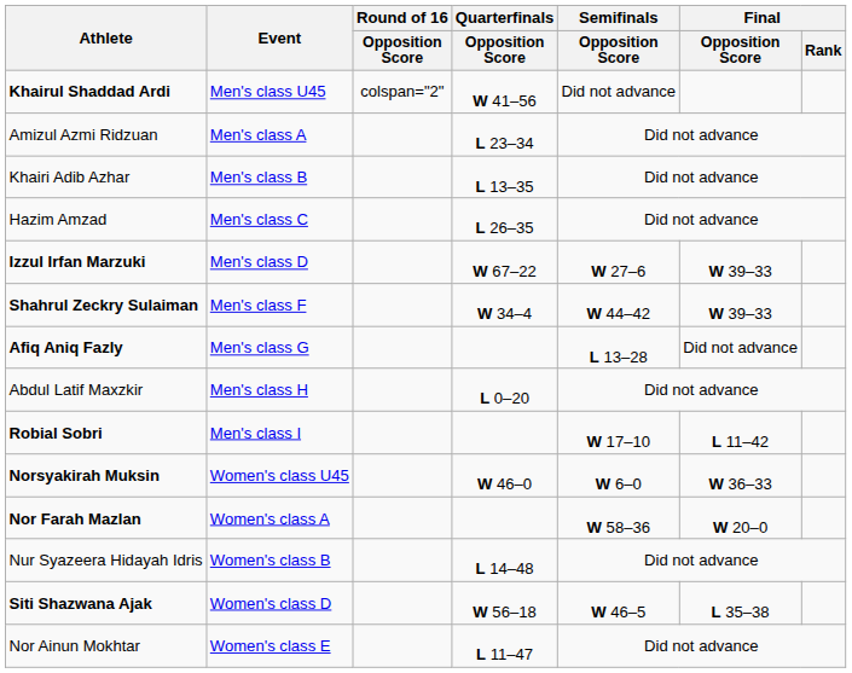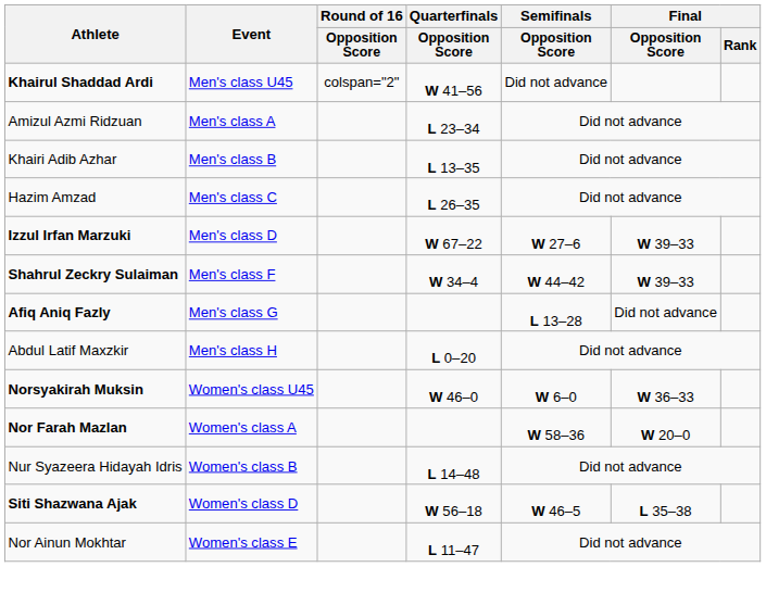 <table class=wikitable style="font-size:90%; text-align:center">
 <tr>
 <th rowspan="2">Athlete</th>
 <th rowspan="2">Event</th>
 <th>Round of 16</th>
 <th>Quarterfinals</th>
 <th>Semifinals</th>
 <th colspan="2">Final</th>
 </tr>
 <tr style="font-size:95%", align="center">
 <th>Opposition<br>Score</th>
 <th>Opposition<br>Score</th>
 <th>Opposition<br>Score</th>
 <th>Opposition<br>Score</th>
 <th>Rank</th>
 </tr>
 <tr>
 <td align=left><strong>Khairul Shaddad Ardi</strong></td>
 <td align=left><a href='#'>Men's class U45</a></td>
 <td>colspan="2" </td>
 <td><br><strong>W</strong> 41–56</td>
 <td>Did not advance</td>
 <td></td>
 </tr>
 <tr>
 <td align=left>Amizul Azmi Ridzuan</td>
 <td align=left><a href='#'>Men's class A</a></td>
 <td></td>
 <td><br><strong>L</strong> 23–34</td>
 <td colspan="3">Did not advance</td>
 </tr>
 <tr>
 <td align=left>Khairi Adib Azhar</td>
 <td align=left><a href='#'>Men's class B</a></td>
 <td></td>
 <td><br><strong>L</strong> 13–35</td>
 <td colspan="3">Did not advance</td>
 </tr>
 <tr>
 <td align=left>Hazim Amzad</td>
 <td align=left><a href='#'>Men's class C</a></td>
 <td></td>
 <td><br><strong>L</strong> 26–35</td>
 <td colspan="3">Did not advance</td>
 </tr>
 <tr>
 <td align=left><strong>Izzul Irfan Marzuki</strong></td>
 <td align=left><a href='#'>Men's class D</a></td>
 <td></td>
 <td><br><strong>W</strong> 67–22</td>
 <td><br><strong>W</strong> 27–6</td>
 <td><br><strong>W</strong> 39–33</td>
 <td></td>
 </tr>
 <tr>
 <td align=left><strong>Shahrul Zeckry Sulaiman</strong></td>
 <td align=left><a href='#'>Men's class F</a></td>
 <td></td>
 <td><br><strong>W</strong> 34–4</td>
 <td><br><strong>W</strong> 44–42</td>
 <td><br><strong>W</strong> 39–33</td>
 <td></td>
 </tr>
 <tr>
 <td align=left><strong>Afiq Aniq Fazly</strong></td>
 <td align=left><a href='#'>Men's class G</a></td>
 <td></td>
 <td></td>
 <td><br><strong>L</strong> 13–28</td>
 <td>Did not advance</td>
 <td></td>
 </tr>
 <tr>
 <td align=left>Abdul Latif Maxzkir</td>
 <td align=left><a href='#'>Men's class H</a></td>
 <td></td>
 <td><br><strong>L</strong> 0–20</td>
 <td colspan="3">Did not advance</td>
 </tr>
 <tr>
-<td align=left><strong>Robial Sobri</strong></td>
-<td align=left><a href='#'>Men's class I</a></td>
-<td></td>
-<td></td>
-<td><br><strong>W</strong> 17–10</td>
-<td><br><strong>L</strong> 11–42</td>
-<td></td>
-</tr>
-<tr>
 <td align=left><strong>Norsyakirah Muksin</strong></td>
 <td align=left><a href='#'>Women's class U45</a></td>
 <td></td>
 <td><br><strong>W</strong> 46–0</td>
 <td><br><strong>W</strong> 6–0</td>
 <td><br><strong>W</strong> 36–33</td>
 <td></td>
 </tr>
 <tr>
 <td align=left><strong>Nor Farah Mazlan</strong></td>
 <td align=left><a href='#'>Women's class A</a></td>
 <td></td>
 <td></td>
 <td><br><strong>W</strong> 58–36</td>
 <td><br><strong>W</strong> 20–0</td>
 <td></td>
 </tr>
 <tr>
 <td align=left>Nur Syazeera Hidayah Idris</td>
 <td align=left><a href='#'>Women's class B</a></td>
 <td></td>
 <td><br><strong>L</strong> 14–48</td>
 <td colspan="3">Did not advance</td>
 </tr>
 <tr>
 <td align=left><strong>Siti Shazwana Ajak</strong></td>
 <td align=left><a href='#'>Women's class D</a></td>
 <td></td>
 <td><br><strong>W</strong> 56–18</td>
 <td><br><strong>W</strong> 46–5</td>
 <td><br><strong>L</strong> 35–38</td>
 <td></td>
 </tr>
 <tr>
 <td align=left>Nor Ainun Mokhtar</td>
 <td align=left><a href='#'>Women's class E</a></td>
 <td></td>
 <td><br><strong>L</strong> 11–47</td>
 <td colspan="3">Did not advance</td>
 </tr>
 </table>
